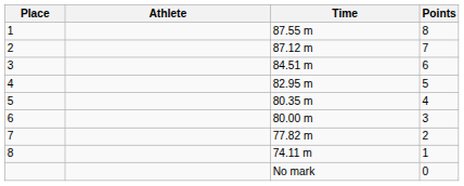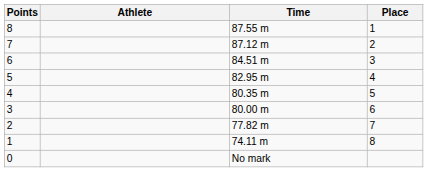 <table class=wikitable>
 <tr>
-<th style="width:5em">Place</th>
+<th>Points</th>
 <th style="width:18em">Athlete</th>
 <th style="width:13em">Time</th>
-<th>Points</th>
+<th style="width:5em">Place</th>
+</tr>
+<tr>
+<td>8</td>
+<td></td>
+<td>87.55 m </td>
+<td>1</td>
+</tr>
+<tr>
+<td>7</td>
+<td></td>
+<td>87.12 m</td>
+<td>2</td>
+</tr>
+<tr>
+<td>6</td>
+<td></td>
+<td>84.51 m</td>
+<td>3</td>
+</tr>
+<tr>
+<td>5</td>
+<td></td>
+<td>82.95 m</td>
+<td>4</td>
+</tr>
+<tr>
+<td>4</td>
+<td></td>
+<td>80.35 m</td>
+<td>5</td>
+</tr>
+<tr>
+<td>3</td>
+<td></td>
+<td>80.00 m</td>
+<td>6</td>
+</tr>
+<tr>
+<td>2</td>
+<td></td>
+<td>77.82 m</td>
+<td>7</td>
 </tr>
 <tr>
 <td>1</td>
 <td></td>
-<td>87.55 m </td>
+<td>74.11 m</td>
 <td>8</td>
 </tr>
 <tr>
-<td>2</td>
-<td></td>
-<td>87.12 m</td>
-<td>7</td>
-</tr>
-<tr>
-<td>3</td>
-<td></td>
-<td>84.51 m</td>
-<td>6</td>
-</tr>
-<tr>
-<td>4</td>
-<td></td>
-<td>82.95 m</td>
-<td>5</td>
-</tr>
-<tr>
-<td>5</td>
-<td></td>
-<td>80.35 m</td>
-<td>4</td>
-</tr>
-<tr>
-<td>6</td>
-<td></td>
-<td>80.00 m</td>
-<td>3</td>
-</tr>
-<tr>
-<td>7</td>
-<td></td>
-<td>77.82 m</td>
-<td>2</td>
-</tr>
-<tr>
-<td>8</td>
-<td></td>
-<td>74.11 m</td>
-<td>1</td>
-</tr>
-<tr>
-<td></td>
+<td>0</td>
 <td></td>
 <td>No mark</td>
-<td>0</td>
+<td></td>
 </tr>
 </table>
